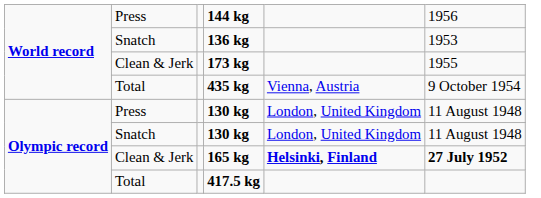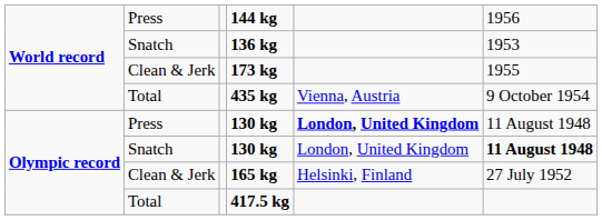 <table class="wikitable">
 <tr>
 <td rowspan=4><strong><a href='#'>World record</a></strong></td>
 <td>Press</td>
 <td></td>
 <td><strong>144 kg</strong></td>
 <td></td>
 <td>1956</td>
 </tr>
 <tr>
 <td>Snatch</td>
 <td></td>
 <td><strong>136 kg</strong></td>
 <td></td>
 <td>1953</td>
 </tr>
 <tr>
 <td>Clean & Jerk</td>
 <td></td>
 <td><strong>173 kg</strong></td>
 <td></td>
 <td>1955</td>
 </tr>
 <tr>
 <td>Total</td>
 <td></td>
 <td><strong>435 kg</strong></td>
 <td><a href='#'>Vienna</a>, <a href='#'>Austria</a></td>
 <td>9 October 1954</td>
 </tr>
 <tr>
 <td rowspan=4><strong><a href='#'>Olympic record</a></strong></td>
 <td>Press</td>
 <td></td>
 <td><strong>130 kg</strong></td>
-<td><a href='#'>London</a>, <a href='#'>United Kingdom</a></td>
+<td><strong><a href='#'>London</a>, <a href='#'>United Kingdom</a></strong></td>
 <td>11 August 1948</td>
 </tr>
 <tr>
 <td>Snatch</td>
 <td></td>
 <td><strong>130 kg</strong></td>
 <td><a href='#'>London</a>, <a href='#'>United Kingdom</a></td>
-<td>11 August 1948</td>
+<td><strong>11 August 1948</strong></td>
 </tr>
 <tr>
 <td>Clean & Jerk</td>
 <td></td>
 <td><strong>165 kg</strong></td>
-<td><strong><a href='#'>Helsinki</a>, <a href='#'>Finland</a></strong></td>
-<td><strong>27 July 1952</strong></td>
+<td><a href='#'>Helsinki</a>, <a href='#'>Finland</a></td>
+<td>27 July 1952</td>
 </tr>
 <tr>
 <td>Total</td>
 <td></td>
 <td><strong>417.5 kg</strong></td>
 <td></td>
 <td></td>
 </tr>
 </table>
